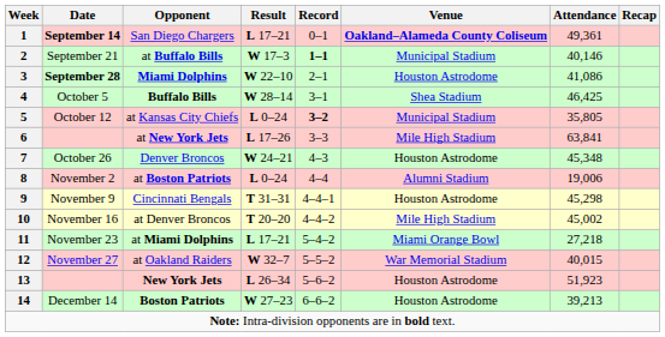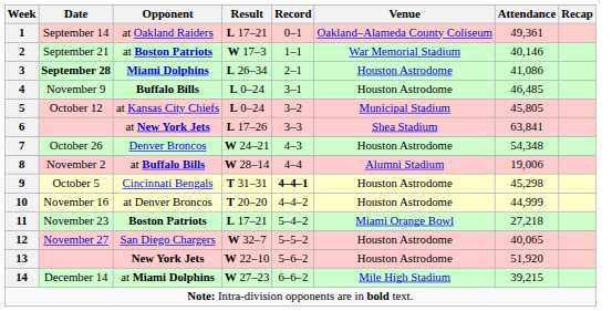 <table class="wikitable" style="text-align:center">
 <tr>
 <th>Week</th>
 <th>Date</th>
 <th>Opponent</th>
 <th>Result</th>
 <th>Record</th>
 <th>Venue</th>
 <th>Attendance</th>
 <th>Recap</th>
 </tr>
 <tr style="background: #fcc;">
 <th>1</th>
-<td><strong>September 14</strong></td>
-<td><a href='#'>San Diego Chargers</a></td>
+<td>September 14</td>
+<td>at <a href='#'>Oakland Raiders</a></td>
 <td><strong>L</strong> 17–21</td>
 <td>0–1</td>
-<td><strong><a href='#'>Oakland–Alameda County Coliseum</a></strong></td>
+<td><a href='#'>Oakland–Alameda County Coliseum</a></td>
 <td>49,361</td>
 <td></td>
 </tr>
 <tr style="background: #cfc;">
 <th>2</th>
 <td>September 21</td>
-<td>at <strong><a href='#'>Buffalo Bills</a></strong></td>
+<td>at <strong><a href='#'>Boston Patriots</a></strong></td>
 <td><strong>W</strong> 17–3</td>
-<td><strong>1–1</strong></td>
-<td><a href='#'>Municipal Stadium</a></td>
+<td>1–1</td>
+<td><a href='#'>War Memorial Stadium</a></td>
 <td>40,146</td>
 <td></td>
 </tr>
 <tr style="background: #cfc;">
 <th>3</th>
 <td><strong>September 28</strong></td>
 <td><strong><a href='#'>Miami Dolphins</a></strong></td>
-<td><strong>W</strong> 22–10</td>
+<td><strong>L</strong> 26–34</td>
 <td>2–1</td>
 <td><a href='#'>Houston Astrodome</a></td>
 <td>41,086</td>
 <td></td>
 </tr>
 <tr style="background: #cfc;">
 <th>4</th>
-<td>October 5</td>
+<td>November 9</td>
 <td><strong>Buffalo Bills</strong></td>
-<td><strong>W</strong> 28–14</td>
+<td><strong>L</strong> 0–24</td>
 <td>3–1</td>
-<td><a href='#'>Shea Stadium</a></td>
-<td>46,425</td>
+<td>Houston Astrodome</td>
+<td>46,485</td>
 <td></td>
 </tr>
 <tr style="background: #fcc;">
 <th>5</th>
 <td>October 12</td>
 <td>at <a href='#'>Kansas City Chiefs</a></td>
 <td><strong>L</strong> 0–24</td>
-<td><strong>3–2</strong></td>
+<td>3–2</td>
 <td><a href='#'>Municipal Stadium</a></td>
-<td>35,805</td>
+<td>45,805</td>
 <td></td>
 </tr>
 <tr style="background: #fcc;">
 <th>6</th>
 <td></td>
 <td>at <strong><a href='#'>New York Jets</a></strong></td>
 <td><strong>L</strong> 17–26</td>
 <td>3–3</td>
-<td><a href='#'>Mile High Stadium</a></td>
+<td><a href='#'>Shea Stadium</a></td>
 <td>63,841</td>
 <td></td>
 </tr>
 <tr style="background: #cfc;">
 <th>7</th>
 <td>October 26</td>
 <td><a href='#'>Denver Broncos</a></td>
 <td><strong>W</strong> 24–21</td>
 <td>4–3</td>
 <td>Houston Astrodome</td>
-<td>45,348</td>
+<td>54,348</td>
 <td></td>
 </tr>
 <tr style="background: #fcc;">
 <th>8</th>
 <td>November 2</td>
-<td>at <strong><a href='#'>Boston Patriots</a></strong></td>
-<td><strong>L</strong> 0–24</td>
+<td>at <strong><a href='#'>Buffalo Bills</a></strong></td>
+<td><strong>W</strong> 28–14</td>
 <td>4–4</td>
 <td><a href='#'>Alumni Stadium</a></td>
 <td>19,006</td>
 <td></td>
 </tr>
 <tr style="background: #ffc;">
 <th>9</th>
-<td>November 9</td>
+<td>October 5</td>
 <td><a href='#'>Cincinnati Bengals</a></td>
 <td><strong>T</strong> 31–31</td>
-<td>4–4–1</td>
+<td><strong>4–4–1</strong></td>
 <td>Houston Astrodome</td>
 <td>45,298</td>
 <td></td>
 </tr>
 <tr style="background: #ffc;">
 <th>10</th>
 <td>November 16</td>
 <td>at Denver Broncos</td>
 <td><strong>T</strong> 20–20</td>
 <td>4–4–2</td>
-<td><a href='#'>Mile High Stadium</a></td>
-<td>45,002</td>
+<td>Houston Astrodome</td>
+<td>44,999</td>
 <td></td>
 </tr>
 <tr style="background: #cfc;">
 <th>11</th>
 <td>November 23</td>
-<td>at <strong>Miami Dolphins</strong></td>
+<td><strong>Boston Patriots</strong></td>
 <td><strong>L</strong> 17–21</td>
 <td>5–4–2</td>
 <td><a href='#'>Miami Orange Bowl</a></td>
 <td>27,218</td>
 <td></td>
 </tr>
 <tr style="background: #fcc;">
 <th>12</th>
 <td><a href='#'>November 27</a></td>
-<td>at <a href='#'>Oakland Raiders</a></td>
+<td><a href='#'>San Diego Chargers</a></td>
 <td><strong>W</strong> 32–7</td>
 <td>5–5–2</td>
-<td><a href='#'>War Memorial Stadium</a></td>
-<td>40,015</td>
+<td>Houston Astrodome</td>
+<td>40,065</td>
 <td></td>
 </tr>
 <tr style="background: #fcc;">
 <th>13</th>
 <td></td>
 <td><strong>New York Jets</strong></td>
-<td><strong>L</strong> 26–34</td>
+<td><strong>W</strong> 22–10</td>
 <td>5–6–2</td>
 <td>Houston Astrodome</td>
-<td>51,923</td>
+<td>51,920</td>
 <td></td>
 </tr>
 <tr style="background: #cfc;">
 <th>14</th>
 <td>December 14</td>
-<td><strong>Boston Patriots</strong></td>
+<td>at <strong>Miami Dolphins</strong></td>
 <td><strong>W</strong> 27–23</td>
 <td>6–6–2</td>
-<td>Houston Astrodome</td>
-<td>39,213</td>
+<td><a href='#'>Mile High Stadium</a></td>
+<td>39,215</td>
 <td></td>
 </tr>
 <tr>
 <td colspan="8"><strong>Note:</strong> Intra-division opponents are in <strong>bold</strong> text.</td>
 </tr>
 </table>
